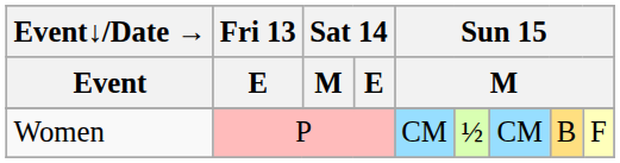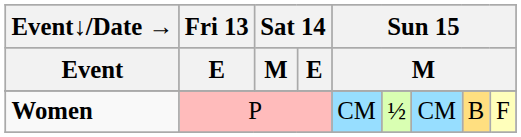 <table class="wikitable" style="margin:0.5em auto; font-size:90%; line-height:1.25em;">
 <tr>
 <th>Event↓/Date →</th>
 <th>Fri 13</th>
 <th colspan=2>Sat 14</th>
 <th colspan="5">Sun 15</th>
 </tr>
 <tr>
 <th>Event</th>
 <th>E</th>
 <th>M</th>
 <th>E</th>
 <th colspan="5">M</th>
 </tr>
 <tr>
 </tr>
 <tr style="text-align:center;">
-<td style="text-align:left;">Women</td>
+<td style="text-align:left;"><strong>Women</strong></td>
 <td style="background-color:#FFBBBB;" colspan=3>P</td>
 <td style="background-color:#97DEFF;">CM</td>
 <td style="background-color:#D9FFB2;">½</td>
 <td style="background-color:#97DEFF;">CM</td>
 <td style="background-color:#FFDF80;">B</td>
 <td style="background-color:#FFFFBB;">F</td>
 </tr>
 </table>
